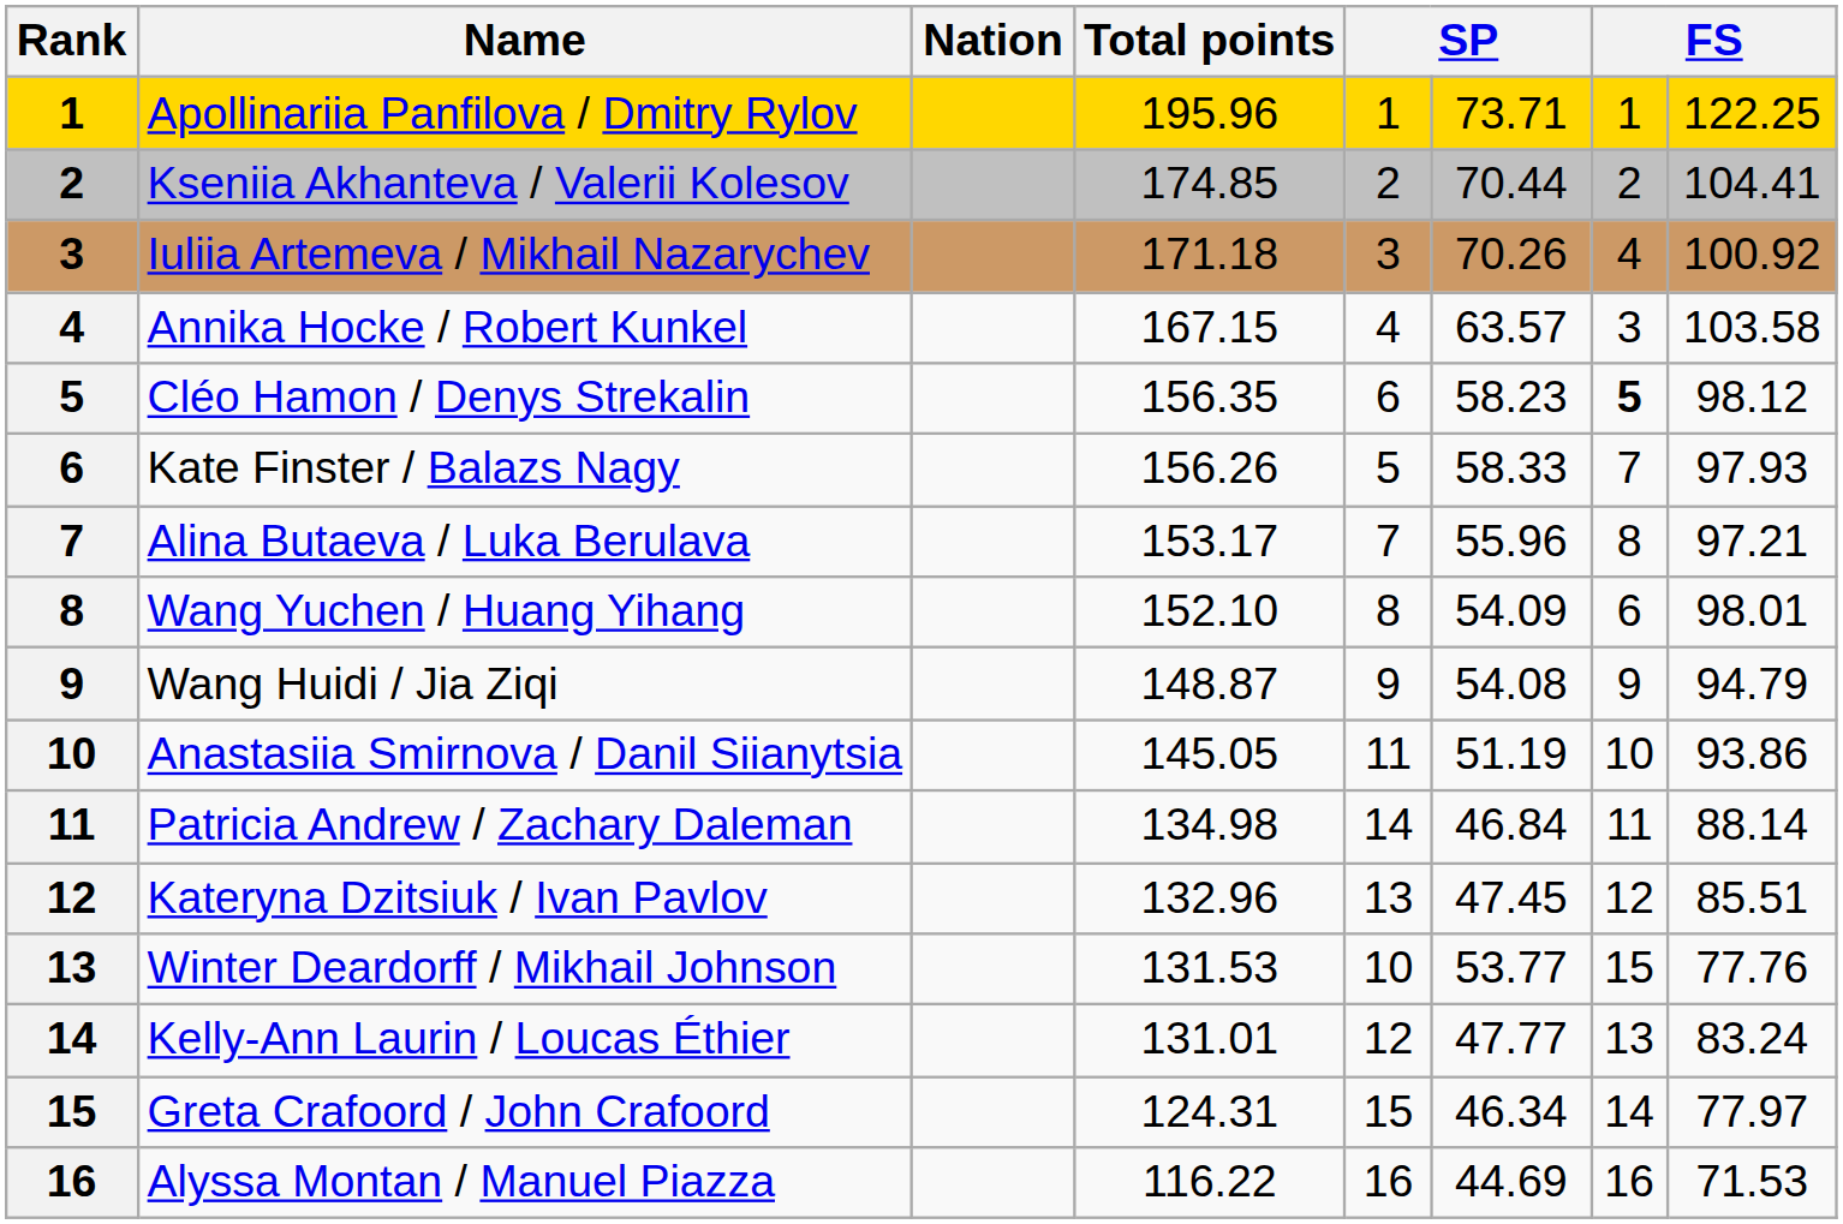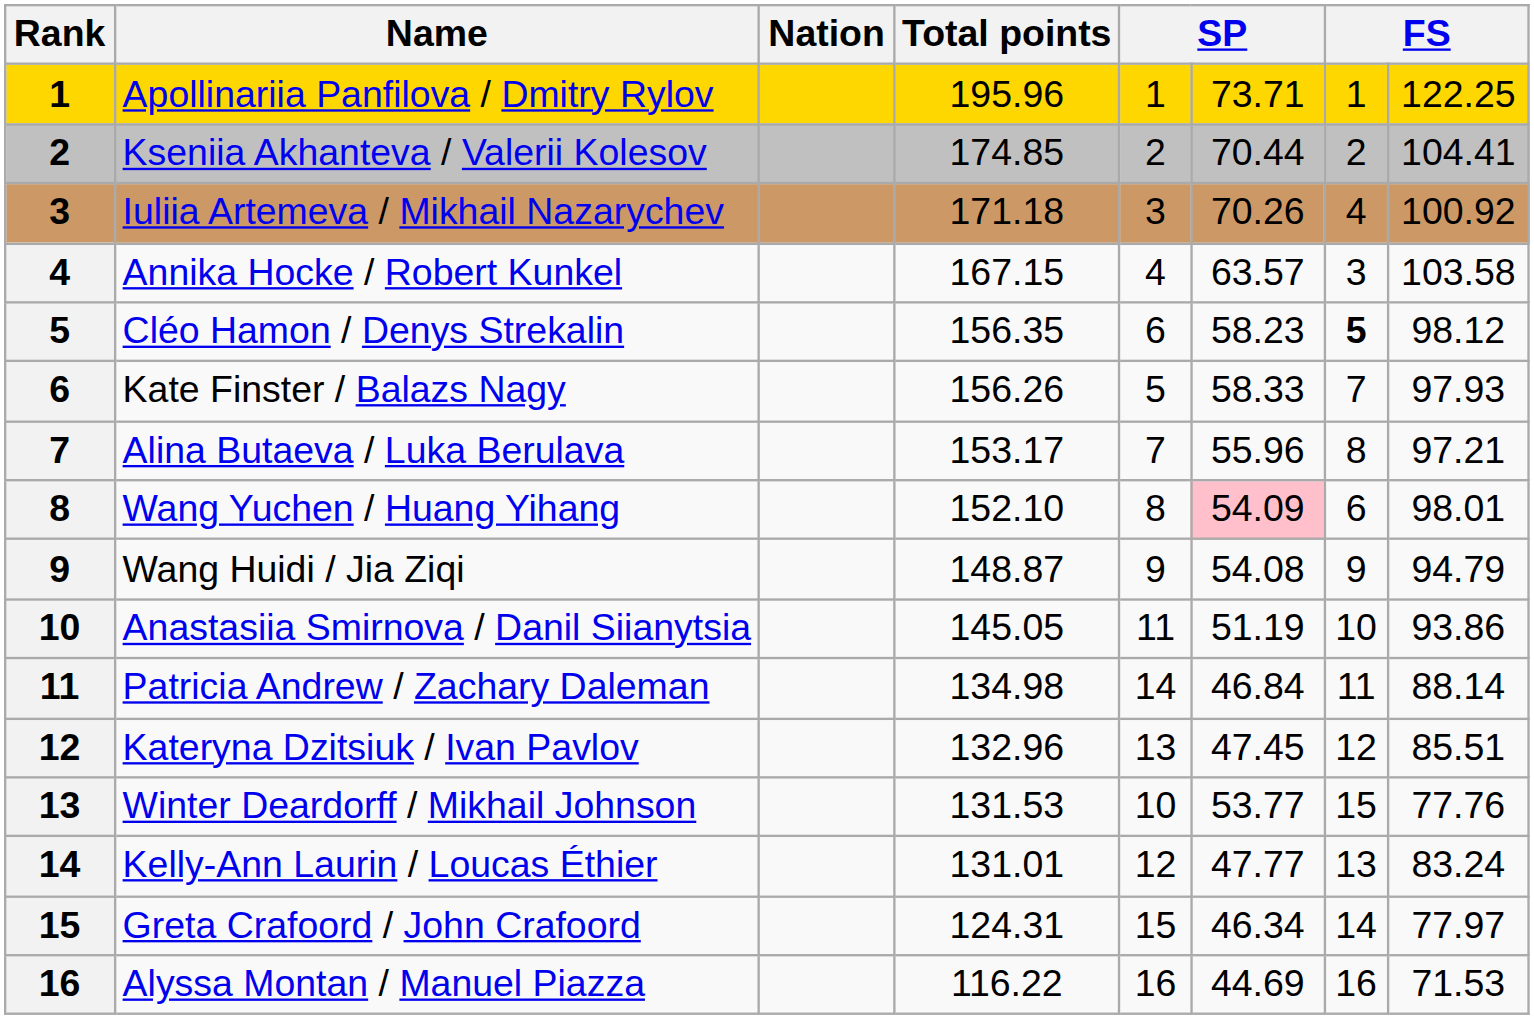 <table class="wikitable sortable">
 <tr>
 <th>Rank</th>
 <th>Name</th>
 <th>Nation</th>
 <th>Total points</th>
 <th colspan="2" width="80px"><a href='#'>SP</a></th>
 <th colspan="2" width="80px"><a href='#'>FS</a></th>
 </tr>
 <tr bgcolor="gold">
 <td align="center"><strong>1</strong></td>
 <td><a href='#'>Apollinariia Panfilova</a> / <a href='#'>Dmitry Rylov</a></td>
 <td></td>
 <td align="center">195.96</td>
 <td align="center">1</td>
 <td align="center">73.71</td>
 <td align="center">1</td>
 <td align="center">122.25</td>
 </tr>
 <tr bgcolor="silver">
 <td align="center"><strong>2</strong></td>
 <td><a href='#'>Kseniia Akhanteva</a> / <a href='#'>Valerii Kolesov</a></td>
 <td></td>
 <td align="center">174.85</td>
 <td align="center">2</td>
 <td align="center">70.44</td>
 <td align="center">2</td>
 <td align="center">104.41</td>
 </tr>
 <tr bgcolor="cc9966">
 <td align="center"><strong>3</strong></td>
 <td><a href='#'>Iuliia Artemeva</a> / <a href='#'>Mikhail Nazarychev</a></td>
 <td></td>
 <td align="center">171.18</td>
 <td align="center">3</td>
 <td align="center">70.26</td>
 <td align="center">4</td>
 <td align="center">100.92</td>
 </tr>
 <tr>
 <th>4</th>
 <td><a href='#'>Annika Hocke</a> / <a href='#'>Robert Kunkel</a></td>
 <td></td>
 <td align="center">167.15</td>
 <td align="center">4</td>
 <td align="center">63.57</td>
 <td align="center">3</td>
 <td align="center">103.58</td>
 </tr>
 <tr>
 <th>5</th>
 <td><a href='#'>Cléo Hamon</a> / <a href='#'>Denys Strekalin</a></td>
 <td></td>
 <td align="center">156.35</td>
 <td align="center">6</td>
 <td align="center">58.23</td>
 <td align="center"><strong>5</strong></td>
 <td align="center">98.12</td>
 </tr>
 <tr>
 <th>6</th>
 <td>Kate Finster / <a href='#'>Balazs Nagy</a></td>
 <td></td>
 <td align="center">156.26</td>
 <td align="center">5</td>
 <td align="center">58.33</td>
 <td align="center">7</td>
 <td align="center">97.93</td>
 </tr>
 <tr>
 <th>7</th>
 <td><a href='#'>Alina Butaeva</a> / <a href='#'>Luka Berulava</a></td>
 <td></td>
 <td align="center">153.17</td>
 <td align="center">7</td>
 <td align="center">55.96</td>
 <td align="center">8</td>
 <td align="center">97.21</td>
 </tr>
 <tr>
 <th>8</th>
 <td><a href='#'>Wang Yuchen</a> / <a href='#'>Huang Yihang</a></td>
 <td></td>
 <td align="center">152.10</td>
 <td align="center">8</td>
-<td align="center">54.09</td>
+<td align="center" style="background: pink;">54.09</td>
 <td align="center">6</td>
 <td align="center">98.01</td>
 </tr>
 <tr>
 <th>9</th>
 <td>Wang Huidi / Jia Ziqi</td>
 <td></td>
 <td align="center">148.87</td>
 <td align="center">9</td>
 <td align="center">54.08</td>
 <td align="center">9</td>
 <td align="center">94.79</td>
 </tr>
 <tr>
 <th>10</th>
 <td><a href='#'>Anastasiia Smirnova</a> / <a href='#'>Danil Siianytsia</a></td>
 <td></td>
 <td align="center">145.05</td>
 <td align="center">11</td>
 <td align="center">51.19</td>
 <td align="center">10</td>
 <td align="center">93.86</td>
 </tr>
 <tr>
 <th>11</th>
 <td><a href='#'>Patricia Andrew</a> / <a href='#'>Zachary Daleman</a></td>
 <td></td>
 <td align="center">134.98</td>
 <td align="center">14</td>
 <td align="center">46.84</td>
 <td align="center">11</td>
 <td align="center">88.14</td>
 </tr>
 <tr>
 <th>12</th>
 <td><a href='#'>Kateryna Dzitsiuk</a> / <a href='#'>Ivan Pavlov</a></td>
 <td></td>
 <td align="center">132.96</td>
 <td align="center">13</td>
 <td align="center">47.45</td>
 <td align="center">12</td>
 <td align="center">85.51</td>
 </tr>
 <tr>
 <th>13</th>
 <td><a href='#'>Winter Deardorff</a> / <a href='#'>Mikhail Johnson</a></td>
 <td></td>
 <td align="center">131.53</td>
 <td align="center">10</td>
 <td align="center">53.77</td>
 <td align="center">15</td>
 <td align="center">77.76</td>
 </tr>
 <tr>
 <th>14</th>
 <td><a href='#'>Kelly-Ann Laurin</a> / <a href='#'>Loucas Éthier</a></td>
 <td></td>
 <td align="center">131.01</td>
 <td align="center">12</td>
 <td align="center">47.77</td>
 <td align="center">13</td>
 <td align="center">83.24</td>
 </tr>
 <tr>
 <th>15</th>
 <td><a href='#'>Greta Crafoord</a> / <a href='#'>John Crafoord</a></td>
 <td></td>
 <td align="center">124.31</td>
 <td align="center">15</td>
 <td align="center">46.34</td>
 <td align="center">14</td>
 <td align="center">77.97</td>
 </tr>
 <tr>
 <th>16</th>
 <td><a href='#'>Alyssa Montan</a> / <a href='#'>Manuel Piazza</a></td>
 <td></td>
 <td align="center">116.22</td>
 <td align="center">16</td>
 <td align="center">44.69</td>
 <td align="center">16</td>
 <td align="center">71.53</td>
 </tr>
 </table>
